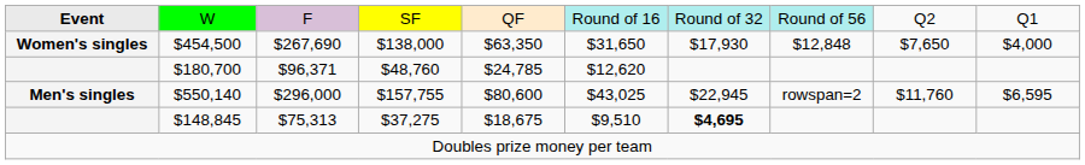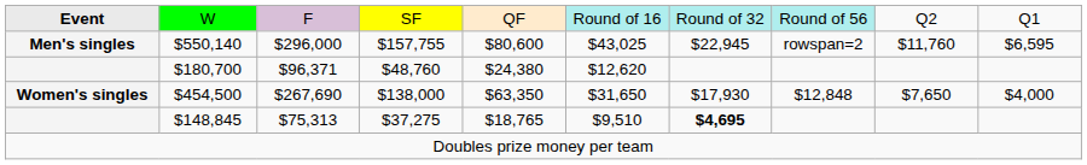 <table class=wikitable style=font-size:90%;text-align:center>
 <tr>
 <td style="width:130px; background:#eaeaea;"><strong>Event</strong></td>
 <td style="width:80px; background:lime;">W</td>
 <td style="width:85px; background:thistle;">F</td>
 <td style="width:85px; background:#ff0;">SF</td>
 <td style="width:85px; background:#ffebcd;">QF</td>
 <td style="width:85px; background:#afeeee;">Round of 16</td>
 <td style="width:85px; background:#afeeee;">Round of 32</td>
 <td style="width:85px; background:#afeeee;">Round of 56</td>
 <td style="width:85px;">Q2</td>
 <td style="width:85px;">Q1</td>
+</tr>
+<tr>
+<td style="background:#f4f4f4;"><strong>Men's singles</strong></td>
+<td>$550,140</td>
+<td>$296,000</td>
+<td>$157,755</td>
+<td>$80,600</td>
+<td>$43,025</td>
+<td>$22,945</td>
+<td>rowspan=2 </td>
+<td>$11,760</td>
+<td>$6,595</td>
+</tr>
+<tr>
+<td style="background:#f4f4f4;"><strong></strong></td>
+<td>$180,700</td>
+<td>$96,371</td>
+<td>$48,760</td>
+<td>$24,380</td>
+<td>$12,620</td>
+<td></td>
+<td></td>
+<td></td>
 </tr>
 <tr>
 <td style="background:#f4f4f4;"><strong>Women's singles</strong></td>
 <td>$454,500</td>
 <td>$267,690</td>
 <td>$138,000</td>
 <td>$63,350</td>
 <td>$31,650</td>
 <td>$17,930</td>
 <td>$12,848</td>
 <td>$7,650</td>
 <td>$4,000</td>
 </tr>
 <tr>
 <td style="background:#f4f4f4;"><strong></strong></td>
-<td>$180,700</td>
-<td>$96,371</td>
-<td>$48,760</td>
-<td>$24,785</td>
-<td>$12,620</td>
-<td></td>
-<td></td>
-<td></td>
-</tr>
-<tr>
-<td style="background:#f4f4f4;"><strong>Men's singles</strong></td>
-<td>$550,140</td>
-<td>$296,000</td>
-<td>$157,755</td>
-<td>$80,600</td>
-<td>$43,025</td>
-<td>$22,945</td>
-<td>rowspan=2 </td>
-<td>$11,760</td>
-<td>$6,595</td>
-</tr>
-<tr>
-<td style="background:#f4f4f4;"><strong></strong></td>
 <td>$148,845</td>
 <td>$75,313</td>
 <td>$37,275</td>
-<td>$18,675</td>
+<td>$18,765</td>
 <td>$9,510</td>
 <td><strong>$4,695</strong></td>
 <td></td>
 <td></td>
 <td></td>
 </tr>
 <tr>
 <td colspan=10>Doubles prize money per team</td>
 </tr>
 </table>
